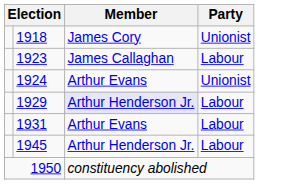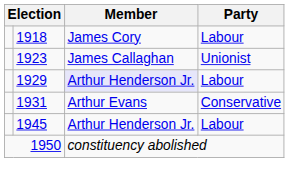 <table class="wikitable">
 <tr>
 <th colspan="2">Election</th>
 <th>Member</th>
 <th>Party</th>
 </tr>
 <tr>
 <td style="color:inherit;background-color: "></td>
 <td><a href='#'>1918</a></td>
 <td><a href='#'>James Cory</a></td>
-<td><a href='#'>Unionist</a></td>
+<td><a href='#'>Labour</a></td>
 </tr>
 <tr>
 <td style="color:inherit;background-color: "></td>
 <td><a href='#'>1923</a></td>
 <td><a href='#'>James Callaghan</a></td>
-<td><a href='#'>Labour</a></td>
-</tr>
-<tr>
-<td style="color:inherit;background-color: "></td>
-<td><a href='#'>1924</a></td>
-<td><a href='#'>Arthur Evans</a></td>
 <td><a href='#'>Unionist</a></td>
 </tr>
 <tr>
 <td style="color:inherit;background-color: "></td>
 <td><a href='#'>1929</a></td>
 <td style="background: lavender;"><a href='#'>Arthur Henderson Jr.</a></td>
 <td><a href='#'>Labour</a></td>
 </tr>
 <tr>
 <td style="color:inherit;background-color: "></td>
 <td><a href='#'>1931</a></td>
 <td><a href='#'>Arthur Evans</a></td>
-<td><a href='#'>Labour</a></td>
+<td><a href='#'>Conservative</a></td>
 </tr>
 <tr>
 <td style="color:inherit;background-color: "></td>
 <td><a href='#'>1945</a></td>
 <td><a href='#'>Arthur Henderson Jr.</a></td>
 <td><a href='#'>Labour</a></td>
 </tr>
 <tr>
 <td colspan="2" align="right"><a href='#'>1950</a></td>
 <td colspan="2"><em>constituency abolished</em></td>
 </tr>
 </table>
